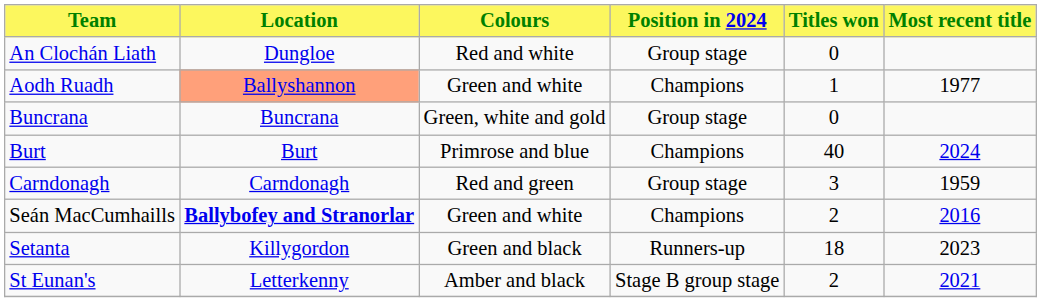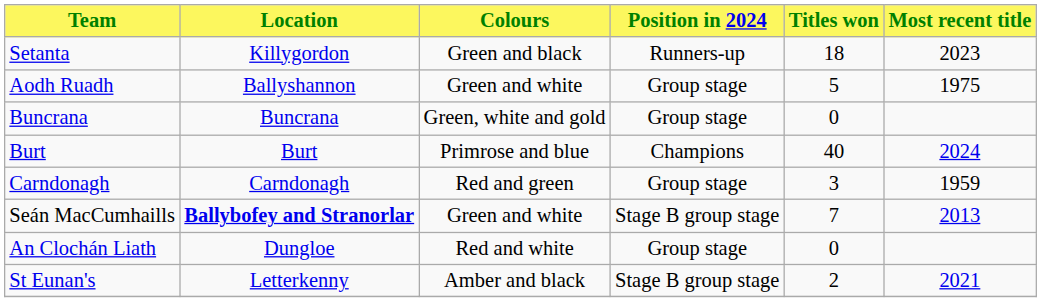 <table class="wikitable sortable" style="text-align:center;">
 <tr>
 <th style="background:#FCF75E;color:green;">Team</th>
 <th style="background:#FCF75E;color:green;">Location</th>
 <th style="background:#FCF75E;color:green;">Colours</th>
 <th style="background:#FCF75E;color:green;">Position in <a href='#'>2024</a></th>
 <th style="background:#FCF75E;color:green;">Titles won</th>
 <th style="background:#FCF75E;color:green;">Most recent title</th>
 </tr>
 <tr>
-<td style="text-align:left"> <a href='#'>An Clochán Liath</a></td>
-<td><a href='#'>Dungloe</a></td>
-<td>Red and white</td>
-<td>Group stage</td>
-<td>0</td>
-<td></td>
+<td style="text-align:left"> <a href='#'>Setanta</a></td>
+<td><a href='#'>Killygordon</a></td>
+<td>Green and black</td>
+<td>Runners-up</td>
+<td>18</td>
+<td>2023</td>
 </tr>
 <tr>
 <td style="text-align:left"> <a href='#'>Aodh Ruadh</a></td>
-<td style="background: lightsalmon;"><a href='#'>Ballyshannon</a></td>
+<td><a href='#'>Ballyshannon</a></td>
 <td>Green and white</td>
-<td>Champions</td>
-<td>1</td>
-<td>1977</td>
+<td>Group stage</td>
+<td>5</td>
+<td>1975</td>
 </tr>
 <tr>
 <td style="text-align:left"> <a href='#'>Buncrana</a></td>
 <td><a href='#'>Buncrana</a></td>
 <td>Green, white and gold</td>
 <td>Group stage</td>
 <td>0</td>
 <td></td>
 </tr>
 <tr>
 <td style="text-align:left"> <a href='#'>Burt</a></td>
 <td><a href='#'>Burt</a></td>
 <td>Primrose and blue</td>
 <td>Champions</td>
 <td>40</td>
 <td><a href='#'>2024</a></td>
 </tr>
 <tr>
 <td style="text-align:left"> <a href='#'>Carndonagh</a></td>
 <td><a href='#'>Carndonagh</a></td>
 <td>Red and green</td>
 <td>Group stage</td>
 <td>3</td>
 <td>1959</td>
 </tr>
 <tr>
 <td style="text-align:left"> Seán MacCumhaills</td>
 <td><strong><a href='#'>Ballybofey and Stranorlar</a></strong></td>
 <td>Green and white</td>
-<td>Champions</td>
-<td>2</td>
-<td><a href='#'>2016</a></td>
+<td>Stage B group stage</td>
+<td>7</td>
+<td><a href='#'>2013</a></td>
 </tr>
 <tr>
-<td style="text-align:left"> <a href='#'>Setanta</a></td>
-<td><a href='#'>Killygordon</a></td>
-<td>Green and black</td>
-<td>Runners-up</td>
-<td>18</td>
-<td>2023</td>
+<td style="text-align:left"> <a href='#'>An Clochán Liath</a></td>
+<td><a href='#'>Dungloe</a></td>
+<td>Red and white</td>
+<td>Group stage</td>
+<td>0</td>
+<td></td>
 </tr>
 <tr>
 <td style="text-align:left"> <a href='#'>St Eunan's</a></td>
 <td><a href='#'>Letterkenny</a></td>
 <td>Amber and black</td>
 <td>Stage B group stage</td>
 <td>2</td>
 <td><a href='#'>2021</a></td>
 </tr>
 <tr>
 </tr>
 </table>
